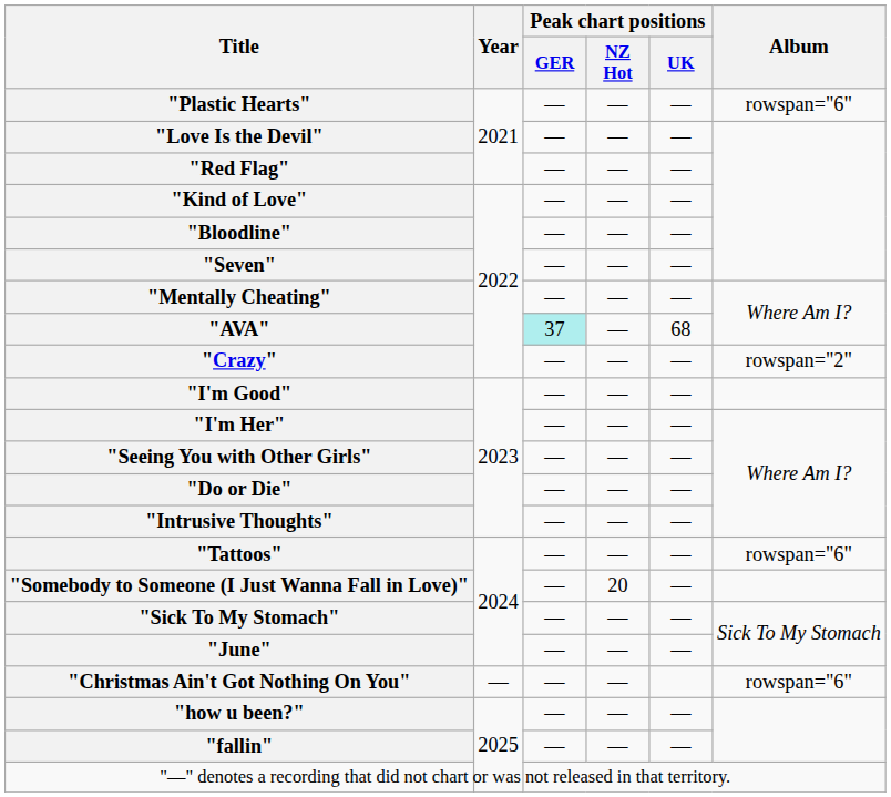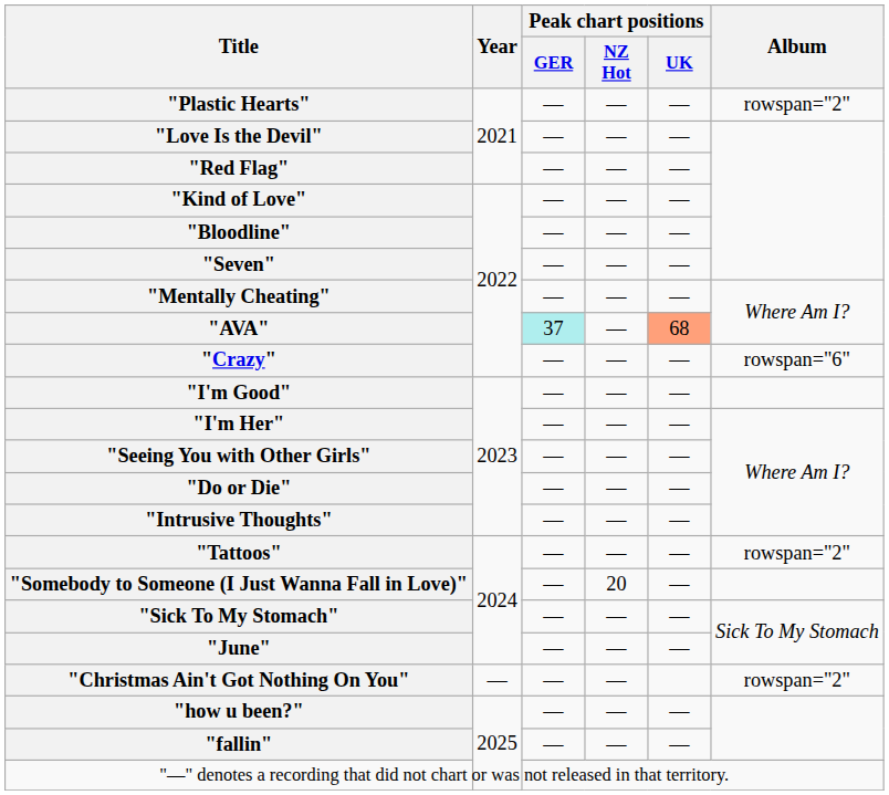 <table class="wikitable plainrowheaders" style="text-align:center">
 <tr>
 <th scope="col" rowspan="2">Title</th>
 <th scope="col" rowspan="2">Year</th>
 <th scope="col" colspan="3">Peak chart positions</th>
 <th scope="col" rowspan="2">Album</th>
 </tr>
 <tr>
 <th scope="col" style="width:3em;font-size:90%;"><a href='#'>GER</a><br></th>
 <th scope="col" style="width:3em;font-size:90%;"><a href='#'>NZ<br>Hot</a><br></th>
 <th scope="col" style="width:3em;font-size:90%;"><a href='#'>UK</a><br></th>
 </tr>
 <tr>
 <th scope="row">"Plastic Hearts"</th>
 <td rowspan="3">2021</td>
 <td>—</td>
 <td>—</td>
 <td>—</td>
-<td>rowspan="6" </td>
+<td>rowspan="2" </td>
 </tr>
 <tr>
 <th scope="row">"Love Is the Devil"</th>
 <td>—</td>
 <td>—</td>
 <td>—</td>
 </tr>
 <tr>
 <th scope="row">"Red Flag"</th>
 <td>—</td>
 <td>—</td>
 <td>—</td>
 </tr>
 <tr>
 <th scope="row">"Kind of Love"</th>
 <td rowspan="6">2022</td>
 <td>—</td>
 <td>—</td>
 <td>—</td>
 </tr>
 <tr>
 <th scope="row">"Bloodline"</th>
 <td>—</td>
 <td>—</td>
 <td>—</td>
 </tr>
 <tr>
 <th scope="row">"Seven"</th>
 <td>—</td>
 <td>—</td>
 <td>—</td>
 </tr>
 <tr>
 <th scope="row">"Mentally Cheating"</th>
 <td>—</td>
 <td>—</td>
 <td>—</td>
 <td rowspan="2"><em>Where Am I?</em></td>
 </tr>
 <tr>
 <th scope="row">"AVA"</th>
 <td style="background: paleturquoise;">37</td>
 <td>—</td>
-<td>68</td>
+<td style="background: lightsalmon;">68</td>
 </tr>
 <tr>
 <th scope="row">"<a href='#'>Crazy</a>"</th>
 <td>—</td>
 <td>—</td>
 <td>—</td>
-<td>rowspan="2" </td>
+<td>rowspan="6" </td>
 </tr>
 <tr>
 <th scope="row">"I'm Good"<br></th>
 <td rowspan="5">2023</td>
 <td>—</td>
 <td>—</td>
 <td>—</td>
 </tr>
 <tr>
 <th scope="row">"I'm Her"</th>
 <td>—</td>
 <td>—</td>
 <td>—</td>
 <td rowspan="4"><em>Where Am I?</em></td>
 </tr>
 <tr>
 <th scope="row">"Seeing You with Other Girls"</th>
 <td>—</td>
 <td>—</td>
 <td>—</td>
 </tr>
 <tr>
 <th scope="row">"Do or Die"</th>
 <td>—</td>
 <td>—</td>
 <td>—</td>
 </tr>
 <tr>
 <th scope="row">"Intrusive Thoughts"</th>
 <td>—</td>
 <td>—</td>
 <td>—</td>
 </tr>
 <tr>
 <th scope="row">"Tattoos"</th>
 <td rowspan="4">2024</td>
 <td>—</td>
 <td>—</td>
 <td>—</td>
-<td>rowspan="6" </td>
+<td>rowspan="2" </td>
 </tr>
 <tr>
 <th scope="row">"Somebody to Someone (I Just Wanna Fall in Love)"</th>
 <td>—</td>
 <td>20</td>
 <td>—</td>
 </tr>
 <tr>
 <th scope="row">"Sick To My Stomach"</th>
 <td>—</td>
 <td>—</td>
 <td>—</td>
 <td rowspan="2"><em>Sick To My Stomach</em></td>
 </tr>
 <tr>
 <th scope="row">"June"</th>
 <td>—</td>
 <td>—</td>
 <td>—</td>
 </tr>
 <tr>
 <th scope="row">"Christmas Ain't Got Nothing On You"</th>
 <td>—</td>
 <td>—</td>
 <td>—</td>
 <td></td>
-<td>rowspan="6" </td>
+<td>rowspan="2" </td>
 </tr>
 <tr>
 <th scope="row">"how u been?"</th>
 <td rowspan="4">2025</td>
 <td>—</td>
 <td>—</td>
 <td>—</td>
 </tr>
 <tr>
 <th scope="row">"fallin"</th>
 <td>—</td>
 <td>—</td>
 <td>—</td>
 </tr>
 <tr>
 <td colspan="6" style="font-size:90%">"—" denotes a recording that did not chart or was not released in that territory.</td>
 </tr>
 </table>
